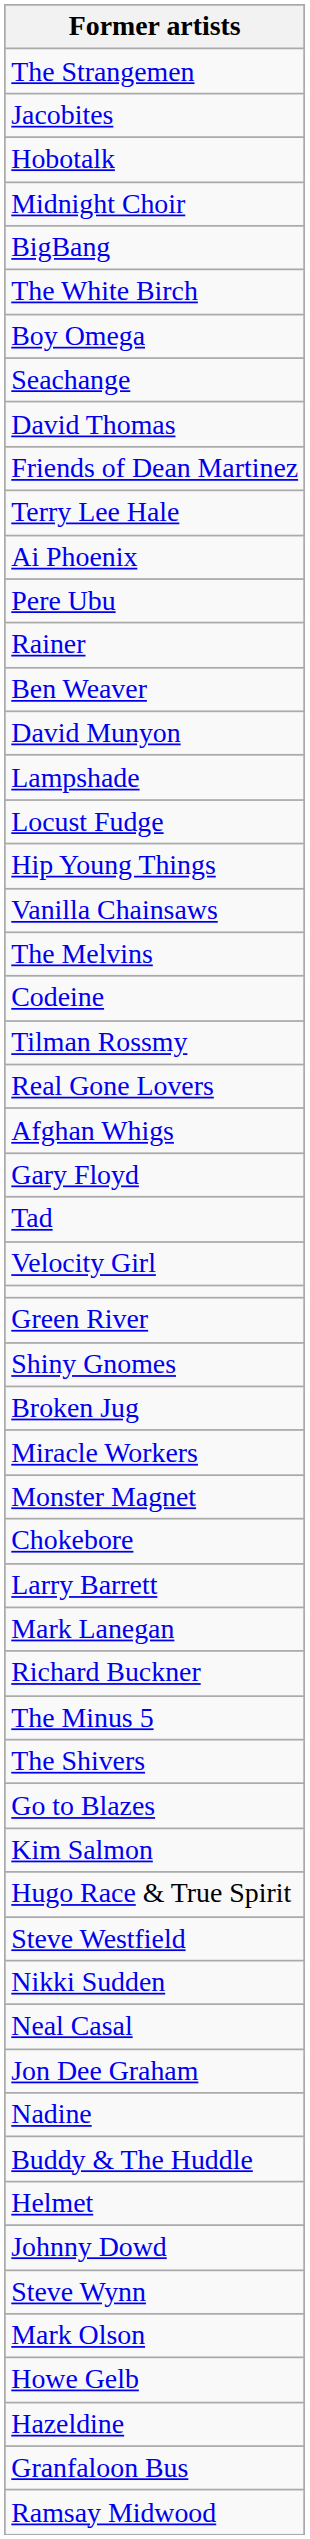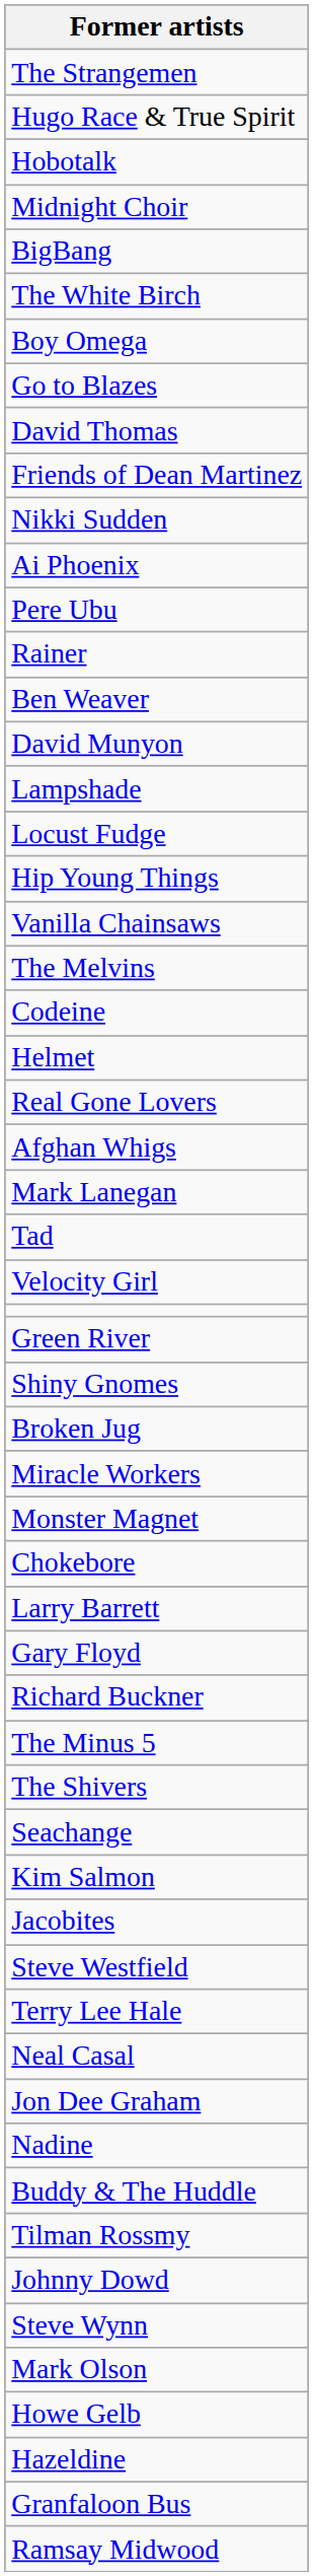 <table class="wikitable sortable">
 <tr>
 <th>Former artists</th>
 </tr>
 <tr>
 <td><a href='#'>The Strangemen</a></td>
 </tr>
 <tr>
-<td><a href='#'>Jacobites</a></td>
+<td><a href='#'>Hugo Race</a> & True Spirit</td>
 </tr>
 <tr>
 <td><a href='#'>Hobotalk</a></td>
 </tr>
 <tr>
 <td><a href='#'>Midnight Choir</a></td>
 </tr>
 <tr>
 <td><a href='#'>BigBang</a></td>
 </tr>
 <tr>
 <td><a href='#'>The White Birch</a></td>
 </tr>
 <tr>
 <td><a href='#'>Boy Omega</a></td>
 </tr>
 <tr>
-<td><a href='#'>Seachange</a></td>
+<td><a href='#'>Go to Blazes</a></td>
 </tr>
 <tr>
 <td><a href='#'>David Thomas</a></td>
 </tr>
 <tr>
 <td><a href='#'>Friends of Dean Martinez</a></td>
 </tr>
 <tr>
-<td><a href='#'>Terry Lee Hale</a></td>
+<td><a href='#'>Nikki Sudden</a></td>
 </tr>
 <tr>
 <td><a href='#'>Ai Phoenix</a></td>
 </tr>
 <tr>
 <td><a href='#'>Pere Ubu</a></td>
 </tr>
 <tr>
 <td><a href='#'>Rainer</a></td>
 </tr>
 <tr>
 <td><a href='#'>Ben Weaver</a></td>
 </tr>
 <tr>
 <td><a href='#'>David Munyon</a></td>
 </tr>
 <tr>
 <td><a href='#'>Lampshade</a></td>
 </tr>
 <tr>
 <td><a href='#'>Locust Fudge</a></td>
 </tr>
 <tr>
 <td><a href='#'>Hip Young Things</a></td>
 </tr>
 <tr>
 <td><a href='#'>Vanilla Chainsaws</a></td>
 </tr>
 <tr>
 <td><a href='#'>The Melvins</a></td>
 </tr>
 <tr>
 <td><a href='#'>Codeine</a></td>
 </tr>
 <tr>
-<td><a href='#'>Tilman Rossmy</a></td>
+<td><a href='#'>Helmet</a></td>
 </tr>
 <tr>
 <td><a href='#'>Real Gone Lovers</a></td>
 </tr>
 <tr>
 <td><a href='#'>Afghan Whigs</a></td>
 </tr>
 <tr>
-<td><a href='#'>Gary Floyd</a></td>
+<td><a href='#'>Mark Lanegan</a></td>
 </tr>
 <tr>
 <td><a href='#'>Tad</a></td>
 </tr>
 <tr>
 <td><a href='#'>Velocity Girl</a></td>
 </tr>
 <tr>
 <td></td>
 </tr>
 <tr>
 <td><a href='#'>Green River</a></td>
 </tr>
 <tr>
 <td><a href='#'>Shiny Gnomes</a></td>
 </tr>
 <tr>
 <td><a href='#'>Broken Jug</a></td>
 </tr>
 <tr>
 <td><a href='#'>Miracle Workers</a></td>
 </tr>
 <tr>
 <td><a href='#'>Monster Magnet</a></td>
 </tr>
 <tr>
 <td><a href='#'>Chokebore</a></td>
 </tr>
 <tr>
 <td><a href='#'>Larry Barrett</a></td>
 </tr>
 <tr>
-<td><a href='#'>Mark Lanegan</a></td>
+<td><a href='#'>Gary Floyd</a></td>
 </tr>
 <tr>
 <td><a href='#'>Richard Buckner</a></td>
 </tr>
 <tr>
 <td><a href='#'>The Minus 5</a></td>
 </tr>
 <tr>
 <td><a href='#'>The Shivers</a></td>
 </tr>
 <tr>
-<td><a href='#'>Go to Blazes</a></td>
+<td><a href='#'>Seachange</a></td>
 </tr>
 <tr>
 <td><a href='#'>Kim Salmon</a></td>
 </tr>
 <tr>
-<td><a href='#'>Hugo Race</a> & True Spirit</td>
+<td><a href='#'>Jacobites</a></td>
 </tr>
 <tr>
 <td><a href='#'>Steve Westfield</a></td>
 </tr>
 <tr>
-<td><a href='#'>Nikki Sudden</a></td>
+<td><a href='#'>Terry Lee Hale</a></td>
 </tr>
 <tr>
 <td><a href='#'>Neal Casal</a></td>
 </tr>
 <tr>
 <td><a href='#'>Jon Dee Graham</a></td>
 </tr>
 <tr>
 <td><a href='#'>Nadine</a></td>
 </tr>
 <tr>
 <td><a href='#'>Buddy & The Huddle</a></td>
 </tr>
 <tr>
-<td><a href='#'>Helmet</a></td>
+<td><a href='#'>Tilman Rossmy</a></td>
 </tr>
 <tr>
 <td><a href='#'>Johnny Dowd</a></td>
 </tr>
 <tr>
 <td><a href='#'>Steve Wynn</a></td>
 </tr>
 <tr>
 <td><a href='#'>Mark Olson</a></td>
 </tr>
 <tr>
 <td><a href='#'>Howe Gelb</a></td>
 </tr>
 <tr>
 <td><a href='#'>Hazeldine</a></td>
 </tr>
 <tr>
 <td><a href='#'>Granfaloon Bus</a></td>
 </tr>
 <tr>
 <td><a href='#'>Ramsay Midwood</a></td>
 </tr>
 <tr>
 </tr>
 </table>
